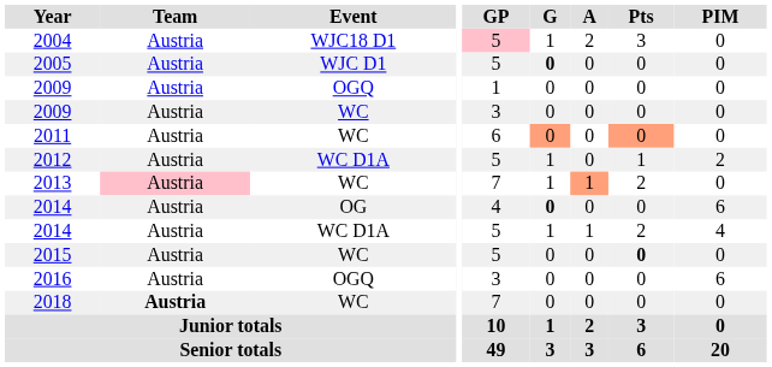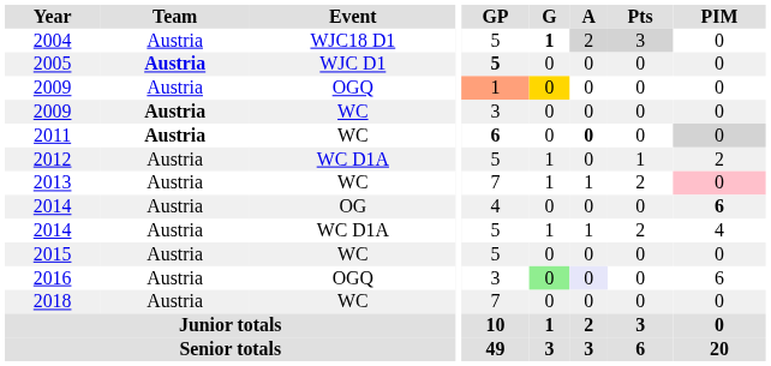 <table border="0" cellpadding="1" cellspacing="0" ID="Table3" style="text-align:center; width:40em">
 <tr ALIGN="center" bgcolor="#e0e0e0">
 <th>Year</th>
 <th>Team</th>
 <th>Event</th>
 <th rowspan="102" bgcolor="#ffffff"></th>
 <th>GP</th>
 <th>G</th>
 <th>A</th>
 <th>Pts</th>
 <th>PIM</th>
 </tr>
 <tr>
 <td><a href='#'>2004</a></td>
 <td><a href='#'>Austria</a></td>
 <td><a href='#'>WJC18 D1</a></td>
-<td style="background: pink;">5</td>
-<td>1</td>
-<td>2</td>
-<td>3</td>
+<td>5</td>
+<td><strong>1</strong></td>
+<td style="background: lightgrey;">2</td>
+<td style="background: lightgrey;">3</td>
 <td>0</td>
 </tr>
 <tr bgcolor="#f0f0f0">
 <td><a href='#'>2005</a></td>
-<td><a href='#'>Austria</a></td>
+<td><strong><a href='#'>Austria</a></strong></td>
 <td><a href='#'>WJC D1</a></td>
-<td>5</td>
-<td><strong>0</strong></td>
+<td><strong>5</strong></td>
+<td>0</td>
 <td>0</td>
 <td>0</td>
 <td>0</td>
 </tr>
 <tr>
 <td><a href='#'>2009</a></td>
 <td><a href='#'>Austria</a></td>
 <td><a href='#'>OGQ</a></td>
-<td>1</td>
-<td>0</td>
+<td style="background: lightsalmon;">1</td>
+<td style="background: gold;">0</td>
 <td>0</td>
 <td>0</td>
 <td>0</td>
 </tr>
 <tr bgcolor="#f0f0f0">
 <td><a href='#'>2009</a></td>
-<td>Austria</td>
+<td><strong>Austria</strong></td>
 <td><a href='#'>WC</a></td>
 <td>3</td>
 <td>0</td>
 <td>0</td>
 <td>0</td>
 <td>0</td>
 </tr>
 <tr>
 <td><a href='#'>2011</a></td>
-<td>Austria</td>
+<td><strong>Austria</strong></td>
 <td>WC</td>
-<td>6</td>
-<td style="background: lightsalmon;">0</td>
+<td><strong>6</strong></td>
 <td>0</td>
-<td style="background: lightsalmon;">0</td>
+<td><strong>0</strong></td>
 <td>0</td>
+<td style="background: lightgrey;">0</td>
 </tr>
 <tr bgcolor="#f0f0f0">
 <td><a href='#'>2012</a></td>
 <td>Austria</td>
 <td><a href='#'>WC D1A</a></td>
 <td>5</td>
 <td>1</td>
 <td>0</td>
 <td>1</td>
 <td>2</td>
 </tr>
 <tr>
 <td><a href='#'>2013</a></td>
-<td style="background: pink;">Austria</td>
+<td>Austria</td>
 <td>WC</td>
 <td>7</td>
 <td>1</td>
-<td style="background: lightsalmon;">1</td>
+<td>1</td>
 <td>2</td>
-<td>0</td>
+<td style="background: pink;">0</td>
 </tr>
 <tr bgcolor="#f0f0f0">
 <td><a href='#'>2014</a></td>
 <td>Austria</td>
 <td>OG</td>
 <td>4</td>
-<td><strong>0</strong></td>
 <td>0</td>
 <td>0</td>
-<td>6</td>
+<td>0</td>
+<td><strong>6</strong></td>
 </tr>
 <tr>
 <td><a href='#'>2014</a></td>
 <td>Austria</td>
 <td>WC D1A</td>
 <td>5</td>
 <td>1</td>
 <td>1</td>
 <td>2</td>
 <td>4</td>
 </tr>
 <tr bgcolor="#f0f0f0">
 <td><a href='#'>2015</a></td>
 <td>Austria</td>
 <td>WC</td>
 <td>5</td>
 <td>0</td>
 <td>0</td>
-<td><strong>0</strong></td>
+<td>0</td>
 <td>0</td>
 </tr>
 <tr>
 <td><a href='#'>2016</a></td>
 <td>Austria</td>
 <td>OGQ</td>
 <td>3</td>
-<td>0</td>
-<td>0</td>
+<td style="background: lightgreen;">0</td>
+<td style="background: lavender;">0</td>
 <td>0</td>
 <td>6</td>
 </tr>
 <tr bgcolor="#f0f0f0">
 <td><a href='#'>2018</a></td>
-<td><strong>Austria</strong></td>
+<td>Austria</td>
 <td>WC</td>
 <td>7</td>
 <td>0</td>
 <td>0</td>
 <td>0</td>
 <td>0</td>
 </tr>
 <tr bgcolor="#e0e0e0">
 <th colspan=3>Junior totals</th>
 <th>10</th>
 <th>1</th>
 <th>2</th>
 <th>3</th>
 <th>0</th>
 </tr>
 <tr bgcolor="#e0e0e0">
 <th colspan=3>Senior totals</th>
 <th>49</th>
 <th>3</th>
 <th>3</th>
 <th>6</th>
 <th>20</th>
 </tr>
 </table>
